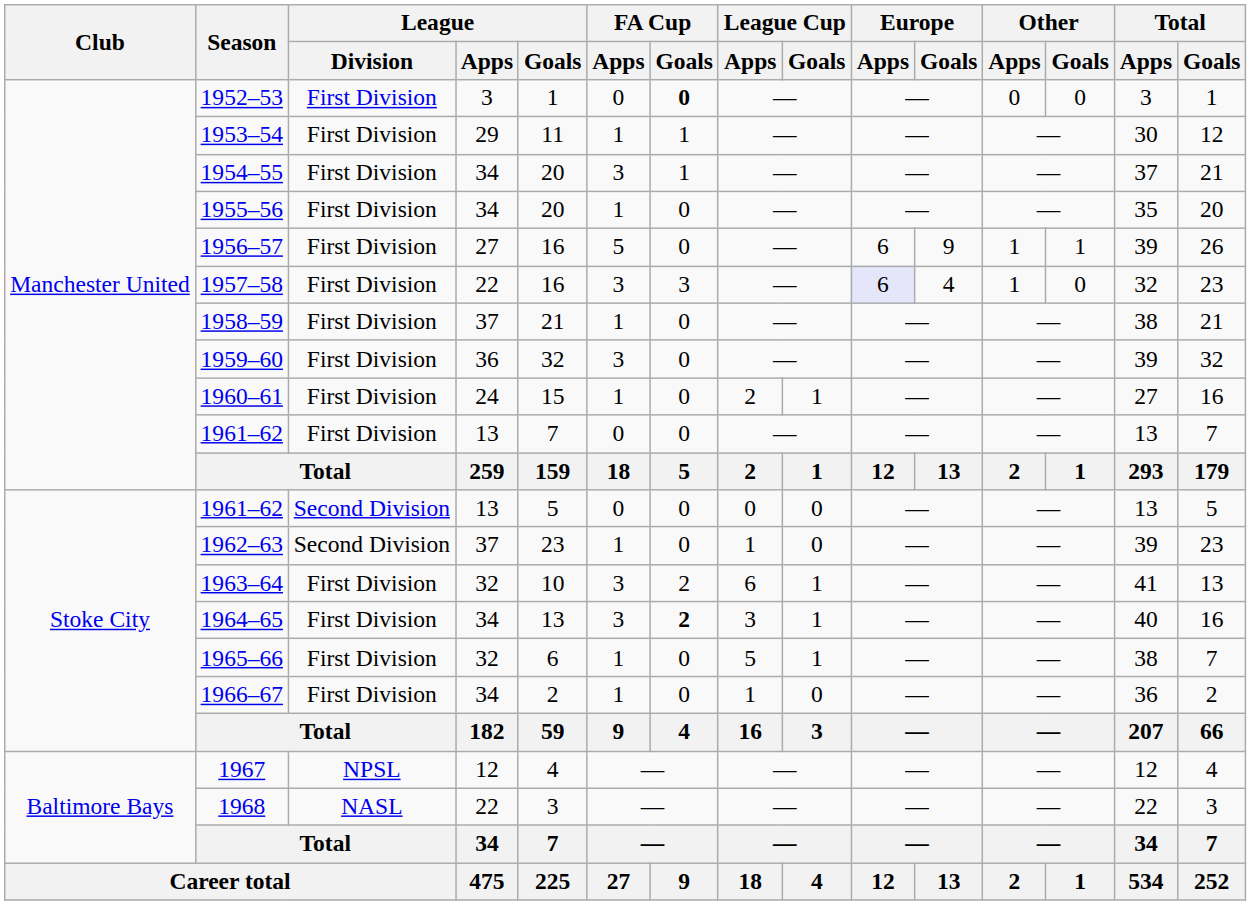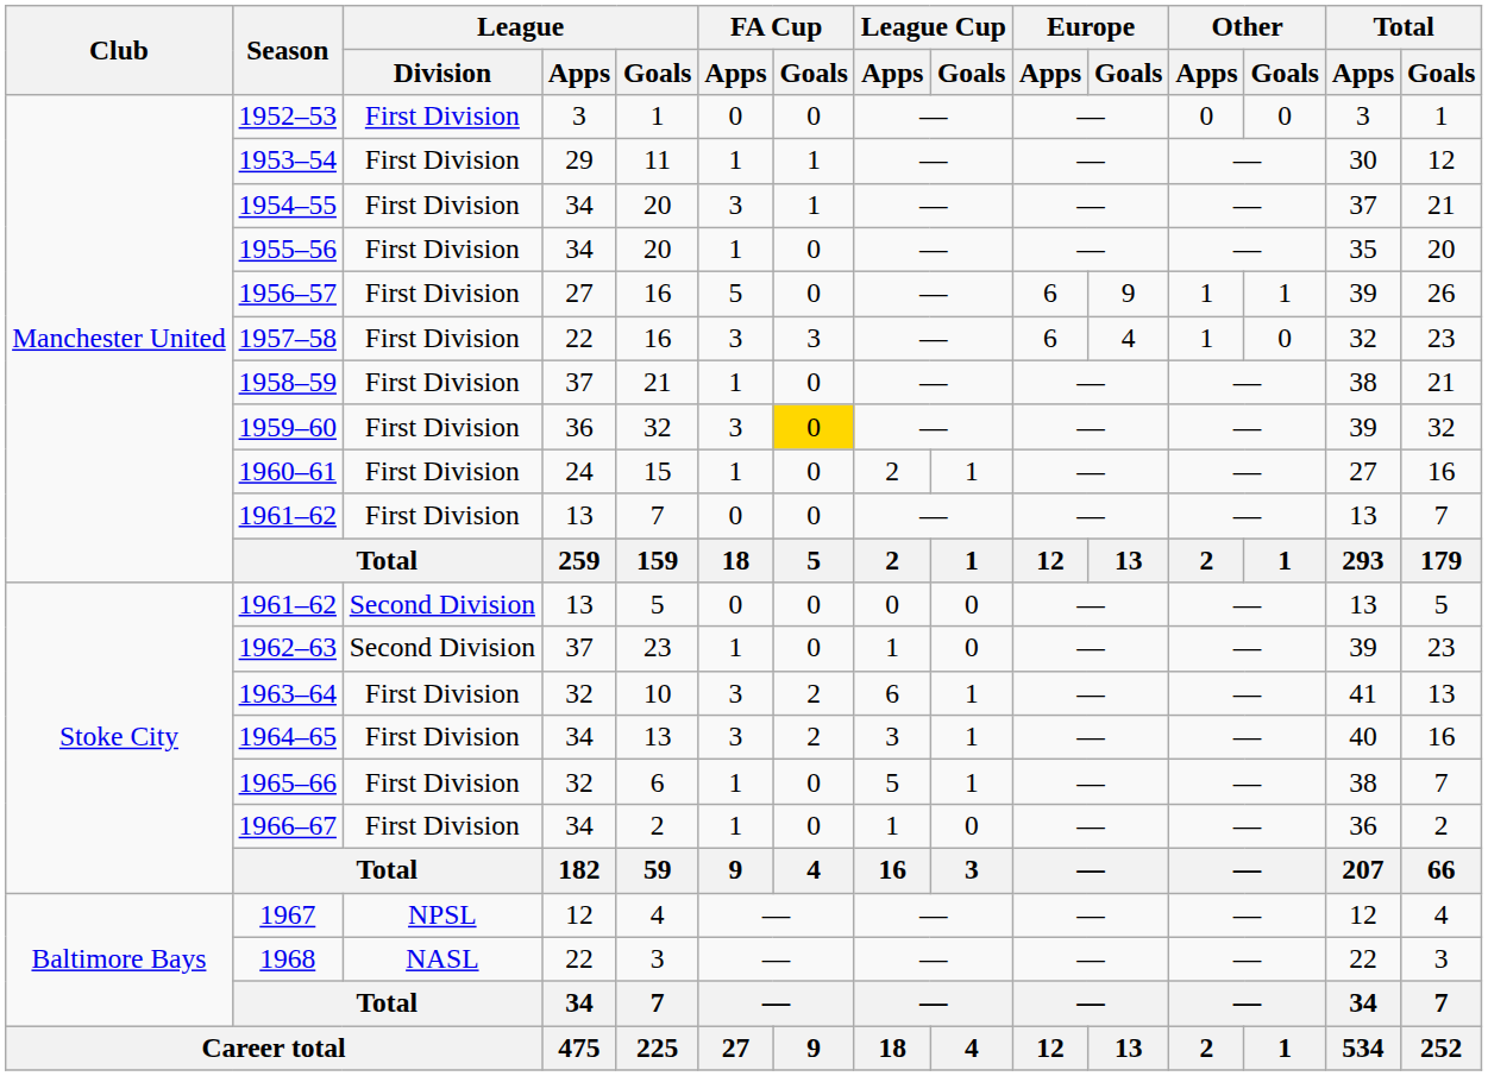 <table class="wikitable" style="text-align: center;">
 <tr>
 <th rowspan="2">Club</th>
 <th rowspan="2">Season</th>
 <th colspan="3">League</th>
 <th colspan="2">FA Cup</th>
 <th colspan="2">League Cup</th>
 <th colspan="2">Europe</th>
 <th colspan="2">Other</th>
 <th colspan="2">Total</th>
 </tr>
 <tr>
 <th>Division</th>
 <th>Apps</th>
 <th>Goals</th>
 <th>Apps</th>
 <th>Goals</th>
 <th>Apps</th>
 <th>Goals</th>
 <th>Apps</th>
 <th>Goals</th>
 <th>Apps</th>
 <th>Goals</th>
 <th>Apps</th>
 <th>Goals</th>
 </tr>
 <tr>
 <td rowspan="11"><a href='#'>Manchester United</a></td>
 <td><a href='#'>1952–53</a></td>
 <td><a href='#'>First Division</a></td>
 <td>3</td>
 <td>1</td>
 <td>0</td>
-<td><strong>0</strong></td>
+<td>0</td>
 <td colspan="2">—</td>
 <td colspan="2">—</td>
 <td>0</td>
 <td>0</td>
 <td>3</td>
 <td>1</td>
 </tr>
 <tr>
 <td><a href='#'>1953–54</a></td>
 <td>First Division</td>
 <td>29</td>
 <td>11</td>
 <td>1</td>
 <td>1</td>
 <td colspan="2">—</td>
 <td colspan="2">—</td>
 <td colspan="2">—</td>
 <td>30</td>
 <td>12</td>
 </tr>
 <tr>
 <td><a href='#'>1954–55</a></td>
 <td>First Division</td>
 <td>34</td>
 <td>20</td>
 <td>3</td>
 <td>1</td>
 <td colspan="2">—</td>
 <td colspan="2">—</td>
 <td colspan="2">—</td>
 <td>37</td>
 <td>21</td>
 </tr>
 <tr>
 <td><a href='#'>1955–56</a></td>
 <td>First Division</td>
 <td>34</td>
 <td>20</td>
 <td>1</td>
 <td>0</td>
 <td colspan="2">—</td>
 <td colspan="2">—</td>
 <td colspan="2">—</td>
 <td>35</td>
 <td>20</td>
 </tr>
 <tr>
 <td><a href='#'>1956–57</a></td>
 <td>First Division</td>
 <td>27</td>
 <td>16</td>
 <td>5</td>
 <td>0</td>
 <td colspan="2">—</td>
 <td>6</td>
 <td>9</td>
 <td>1</td>
 <td>1</td>
 <td>39</td>
 <td>26</td>
 </tr>
 <tr>
 <td><a href='#'>1957–58</a></td>
 <td>First Division</td>
 <td>22</td>
 <td>16</td>
 <td>3</td>
 <td>3</td>
 <td colspan="2">—</td>
-<td style="background: lavender;">6</td>
+<td>6</td>
 <td>4</td>
 <td>1</td>
 <td>0</td>
 <td>32</td>
 <td>23</td>
 </tr>
 <tr>
 <td><a href='#'>1958–59</a></td>
 <td>First Division</td>
 <td>37</td>
 <td>21</td>
 <td>1</td>
 <td>0</td>
 <td colspan="2">—</td>
 <td colspan="2">—</td>
 <td colspan="2">—</td>
 <td>38</td>
 <td>21</td>
 </tr>
 <tr>
 <td><a href='#'>1959–60</a></td>
 <td>First Division</td>
 <td>36</td>
 <td>32</td>
 <td>3</td>
-<td>0</td>
+<td style="background: gold;">0</td>
 <td colspan="2">—</td>
 <td colspan="2">—</td>
 <td colspan="2">—</td>
 <td>39</td>
 <td>32</td>
 </tr>
 <tr>
 <td><a href='#'>1960–61</a></td>
 <td>First Division</td>
 <td>24</td>
 <td>15</td>
 <td>1</td>
 <td>0</td>
 <td>2</td>
 <td>1</td>
 <td colspan="2">—</td>
 <td colspan="2">—</td>
 <td>27</td>
 <td>16</td>
 </tr>
 <tr>
 <td><a href='#'>1961–62</a></td>
 <td>First Division</td>
 <td>13</td>
 <td>7</td>
 <td>0</td>
 <td>0</td>
 <td colspan="2">—</td>
 <td colspan="2">—</td>
 <td colspan="2">—</td>
 <td>13</td>
 <td>7</td>
 </tr>
 <tr>
 <th colspan="2">Total</th>
 <th>259</th>
 <th>159</th>
 <th>18</th>
 <th>5</th>
 <th>2</th>
 <th>1</th>
 <th>12</th>
 <th>13</th>
 <th>2</th>
 <th>1</th>
 <th>293</th>
 <th>179</th>
 </tr>
 <tr>
 <td rowspan="7"><a href='#'>Stoke City</a></td>
 <td><a href='#'>1961–62</a></td>
 <td><a href='#'>Second Division</a></td>
 <td>13</td>
 <td>5</td>
 <td>0</td>
 <td>0</td>
 <td>0</td>
 <td>0</td>
 <td colspan="2">—</td>
 <td colspan="2">—</td>
 <td>13</td>
 <td>5</td>
 </tr>
 <tr>
 <td><a href='#'>1962–63</a></td>
 <td>Second Division</td>
 <td>37</td>
 <td>23</td>
 <td>1</td>
 <td>0</td>
 <td>1</td>
 <td>0</td>
 <td colspan="2">—</td>
 <td colspan="2">—</td>
 <td>39</td>
 <td>23</td>
 </tr>
 <tr>
 <td><a href='#'>1963–64</a></td>
 <td>First Division</td>
 <td>32</td>
 <td>10</td>
 <td>3</td>
 <td>2</td>
 <td>6</td>
 <td>1</td>
 <td colspan="2">—</td>
 <td colspan="2">—</td>
 <td>41</td>
 <td>13</td>
 </tr>
 <tr>
 <td><a href='#'>1964–65</a></td>
 <td>First Division</td>
 <td>34</td>
 <td>13</td>
 <td>3</td>
-<td><strong>2</strong></td>
+<td>2</td>
 <td>3</td>
 <td>1</td>
 <td colspan="2">—</td>
 <td colspan="2">—</td>
 <td>40</td>
 <td>16</td>
 </tr>
 <tr>
 <td><a href='#'>1965–66</a></td>
 <td>First Division</td>
 <td>32</td>
 <td>6</td>
 <td>1</td>
 <td>0</td>
 <td>5</td>
 <td>1</td>
 <td colspan="2">—</td>
 <td colspan="2">—</td>
 <td>38</td>
 <td>7</td>
 </tr>
 <tr>
 <td><a href='#'>1966–67</a></td>
 <td>First Division</td>
 <td>34</td>
 <td>2</td>
 <td>1</td>
 <td>0</td>
 <td>1</td>
 <td>0</td>
 <td colspan="2">—</td>
 <td colspan="2">—</td>
 <td>36</td>
 <td>2</td>
 </tr>
 <tr>
 <th colspan="2">Total</th>
 <th>182</th>
 <th>59</th>
 <th>9</th>
 <th>4</th>
 <th>16</th>
 <th>3</th>
 <th colspan="2">—</th>
 <th colspan="2">—</th>
 <th>207</th>
 <th>66</th>
 </tr>
 <tr>
 <td rowspan="3"><a href='#'>Baltimore Bays</a></td>
 <td><a href='#'>1967</a></td>
 <td><a href='#'>NPSL</a></td>
 <td>12</td>
 <td>4</td>
 <td colspan="2">—</td>
 <td colspan="2">—</td>
 <td colspan="2">—</td>
 <td colspan="2">—</td>
 <td>12</td>
 <td>4</td>
 </tr>
 <tr>
 <td><a href='#'>1968</a></td>
 <td><a href='#'>NASL</a></td>
 <td>22</td>
 <td>3</td>
 <td colspan="2">—</td>
 <td colspan="2">—</td>
 <td colspan="2">—</td>
 <td colspan="2">—</td>
 <td>22</td>
 <td>3</td>
 </tr>
 <tr>
 <th colspan="2">Total</th>
 <th>34</th>
 <th>7</th>
 <th colspan="2">—</th>
 <th colspan="2">—</th>
 <th colspan="2">—</th>
 <th colspan="2">—</th>
 <th>34</th>
 <th>7</th>
 </tr>
 <tr>
 <th colspan="3">Career total</th>
 <th>475</th>
 <th>225</th>
 <th>27</th>
 <th>9</th>
 <th>18</th>
 <th>4</th>
 <th>12</th>
 <th>13</th>
 <th>2</th>
 <th>1</th>
 <th>534</th>
 <th>252</th>
 </tr>
 </table>
